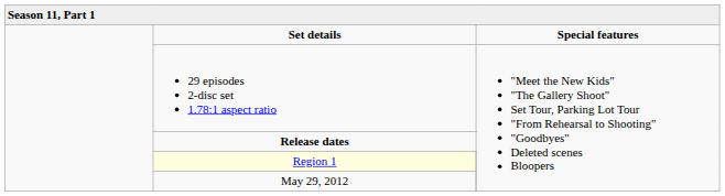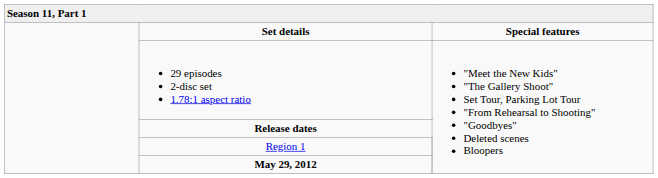 <table class="wikitable" style="font-size: 95%;">
 <tr style="background:#EFEFEF">
 <td colspan="5"><strong>Season 11, Part 1</strong></td>
 </tr>
 <tr valign="top">
 <td rowspan="5" valign="center" align="center" width="180"></td>
 <td align="center" width="400" colspan="3"><strong>Set details</strong></td>
 <td width="300" align="center"><strong>Special features</strong></td>
 </tr>
 <tr valign="top">
 <td colspan="3" align="left" width="400"><br><ul><li>29 episodes</li><li>2-disc set</li><li><a href='#'>1.78:1 aspect ratio</a></li></ul></td>
 <td rowspan="4" align="left" width="300"><br><ul><li>"Meet the New Kids"</li><li>"The Gallery Shoot"</li><li>Set Tour, Parking Lot Tour</li><li>"From Rehearsal to Shooting"</li><li>"Goodbyes"</li><li>Deleted scenes</li><li>Bloopers</li></ul></td>
 </tr>
 <tr>
 <td colspan="3" align="center"><strong>Release dates</strong></td>
 </tr>
 <tr>
-<td align="center" style="background: lightyellow;"> <a href='#'>Region 1</a><br></td>
+<td align="center"> <a href='#'>Region 1</a><br></td>
 </tr>
 <tr>
-<td align="center">May 29, 2012<br></td>
+<td align="center"><strong>May 29, 2012<br></strong></td>
 </tr>
 </table>
